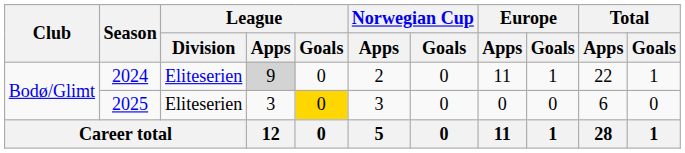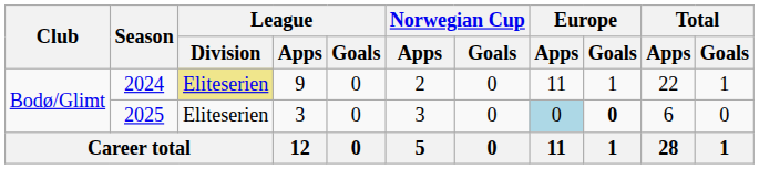 <table class="wikitable" style="text-align:center">
 <tr>
 <th rowspan="2">Club</th>
 <th rowspan="2">Season</th>
 <th colspan="3">League</th>
 <th colspan="2"><a href='#'>Norwegian Cup</a></th>
 <th colspan="2">Europe</th>
 <th colspan="2">Total</th>
 </tr>
 <tr>
 <th>Division</th>
 <th>Apps</th>
 <th>Goals</th>
 <th>Apps</th>
 <th>Goals</th>
 <th>Apps</th>
 <th>Goals</th>
 <th>Apps</th>
 <th>Goals</th>
 </tr>
 <tr>
 <td rowspan="2"><a href='#'>Bodø/Glimt</a></td>
 <td><a href='#'>2024</a></td>
-<td><a href='#'>Eliteserien</a></td>
-<td style="background: lightgrey;">9</td>
+<td style="background: khaki;"><a href='#'>Eliteserien</a></td>
+<td>9</td>
 <td>0</td>
 <td>2</td>
 <td>0</td>
 <td>11</td>
 <td>1</td>
 <td>22</td>
 <td>1</td>
 </tr>
 <tr>
 <td><a href='#'>2025</a></td>
 <td>Eliteserien</td>
 <td>3</td>
-<td style="background: gold;">0</td>
+<td>0</td>
 <td>3</td>
 <td>0</td>
-<td>0</td>
-<td>0</td>
+<td style="background: lightblue;">0</td>
+<td><strong>0</strong></td>
 <td>6</td>
 <td>0</td>
 </tr>
 <tr>
 <th colspan="3">Career total</th>
 <th>12</th>
 <th>0</th>
 <th>5</th>
 <th>0</th>
 <th>11</th>
 <th>1</th>
 <th>28</th>
 <th>1</th>
 </tr>
 </table>
